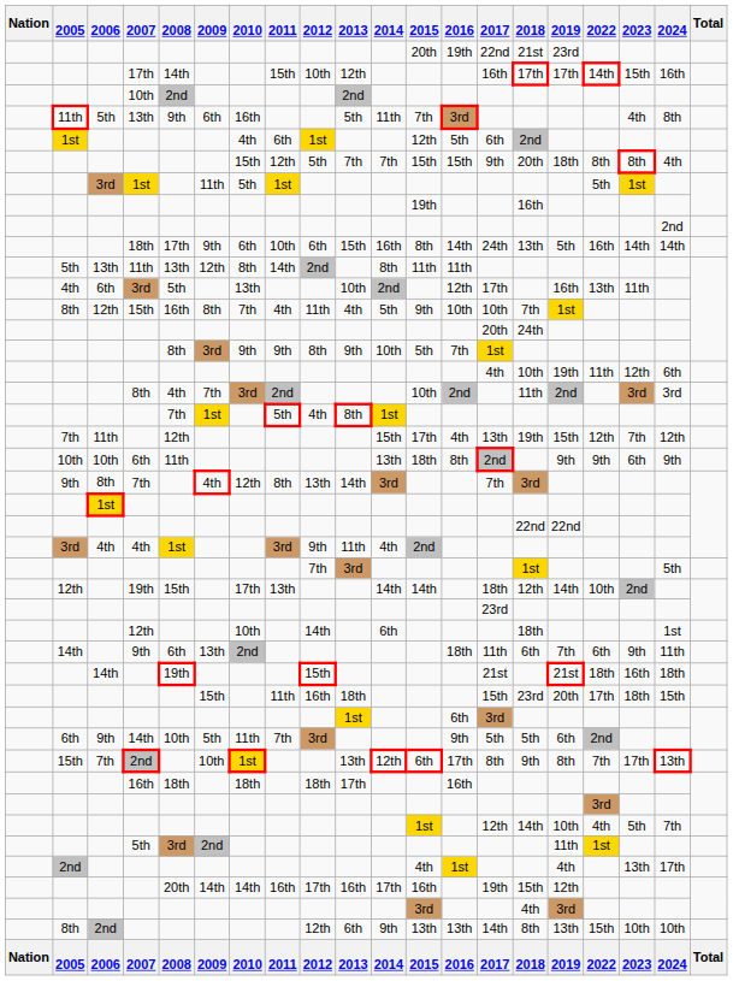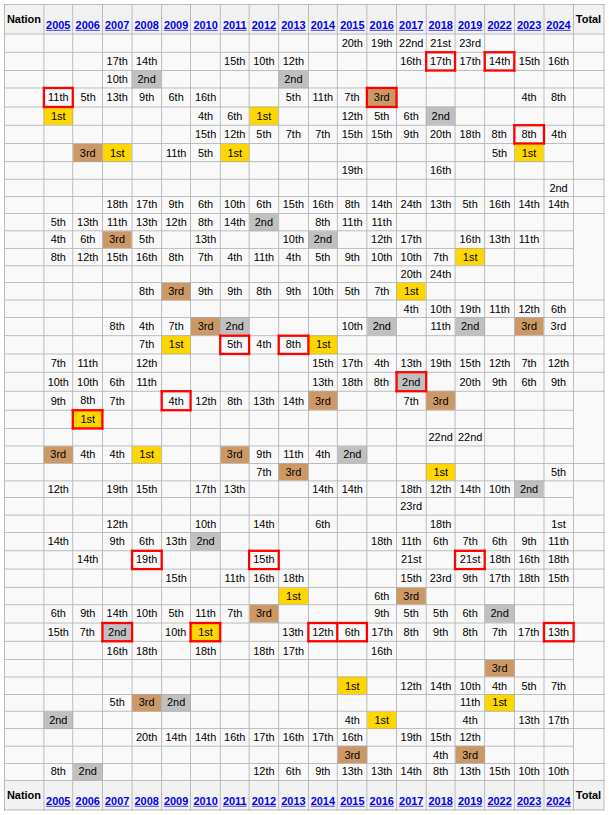 <table class="wikitable" style="text-align:center; font-size:90%">
 <tr>
 <th>Nation</th>
 <th><br><a href='#'>2005</a></th>
 <th><br><a href='#'>2006</a></th>
 <th><br><a href='#'>2007</a></th>
 <th><br><a href='#'>2008</a></th>
 <th><br><a href='#'>2009</a></th>
 <th><br><a href='#'>2010</a></th>
 <th><br><a href='#'>2011</a></th>
 <th><br><a href='#'>2012</a></th>
 <th><br><a href='#'>2013</a></th>
 <th><br><a href='#'>2014</a></th>
 <th><br><a href='#'>2015</a></th>
 <th><br><a href='#'>2016</a></th>
 <th><br><a href='#'>2017</a></th>
 <th><br><a href='#'>2018</a></th>
 <th><br><a href='#'>2019</a></th>
 <th><br><a href='#'>2022</a></th>
 <th><br><a href='#'>2023</a></th>
 <th><br><a href='#'>2024</a></th>
 <th>Total</th>
 </tr>
 <tr>
 <td align=left></td>
 <td></td>
 <td></td>
 <td></td>
 <td></td>
 <td></td>
 <td></td>
 <td></td>
 <td></td>
 <td></td>
 <td></td>
 <td>20th</td>
 <td>19th</td>
 <td>22nd</td>
 <td>21st</td>
 <td>23rd</td>
 <td></td>
 <td></td>
 <td><strong></strong></td>
 </tr>
 <tr>
 <td align=left></td>
 <td></td>
 <td></td>
 <td>17th</td>
 <td>14th</td>
 <td></td>
 <td></td>
 <td>15th</td>
 <td>10th</td>
 <td>12th</td>
 <td></td>
 <td></td>
 <td></td>
 <td>16th</td>
 <td style="border: 3px solid red">17th</td>
 <td>17th</td>
 <td style="border: 3px solid red">14th</td>
 <td>15th</td>
 <td>16th</td>
 <td><strong></strong></td>
 </tr>
 <tr>
 <td align=left></td>
 <td></td>
 <td></td>
 <td>10th</td>
 <td bgcolor="silver">2nd</td>
 <td></td>
 <td></td>
 <td></td>
 <td></td>
 <td bgcolor="silver">2nd</td>
 <td></td>
 <td></td>
 <td></td>
 <td></td>
 <td></td>
 <td></td>
 <td></td>
 <td></td>
 <td><strong></strong></td>
 </tr>
 <tr>
 <td align=left></td>
 <td style="border: 3px solid red">11th</td>
 <td>5th</td>
 <td>13th</td>
 <td>9th</td>
 <td>6th</td>
 <td>16th</td>
 <td></td>
 <td></td>
 <td>5th</td>
 <td>11th</td>
 <td>7th</td>
 <td style="border: 3px solid red" bgcolor="#cc9966">3rd</td>
 <td></td>
 <td></td>
 <td></td>
 <td></td>
 <td>4th</td>
 <td>8th</td>
 <td><strong></strong></td>
 </tr>
 <tr>
 <td align=left></td>
 <td bgcolor="gold">1st</td>
 <td></td>
 <td></td>
 <td></td>
 <td></td>
 <td>4th</td>
 <td>6th</td>
 <td bgcolor="gold">1st</td>
 <td></td>
 <td></td>
 <td>12th</td>
 <td>5th</td>
 <td>6th</td>
 <td bgcolor="silver">2nd</td>
 <td></td>
 <td></td>
 <td></td>
 <td><strong></strong></td>
 </tr>
 <tr>
 <td align=left></td>
 <td></td>
 <td></td>
 <td></td>
 <td></td>
 <td></td>
 <td>15th</td>
 <td>12th</td>
 <td>5th</td>
 <td>7th</td>
 <td>7th</td>
 <td>15th</td>
 <td>15th</td>
 <td>9th</td>
 <td>20th</td>
 <td>18th</td>
 <td>8th</td>
 <td style="border: 3px solid red">8th</td>
 <td>4th</td>
 <td><strong></strong></td>
 </tr>
 <tr>
 <td align=left></td>
 <td></td>
 <td bgcolor="#cc9966">3rd</td>
 <td bgcolor="gold">1st</td>
 <td></td>
 <td>11th</td>
 <td>5th</td>
 <td bgcolor="gold">1st</td>
 <td></td>
 <td></td>
 <td></td>
 <td></td>
 <td></td>
 <td></td>
 <td></td>
 <td></td>
 <td>5th</td>
 <td bgcolor="gold">1st</td>
 <td><strong></strong></td>
 </tr>
 <tr>
 <td align=left></td>
 <td></td>
 <td></td>
 <td></td>
 <td></td>
 <td></td>
 <td></td>
 <td></td>
 <td></td>
 <td></td>
 <td></td>
 <td>19th</td>
 <td></td>
 <td></td>
 <td>16th</td>
 <td></td>
 <td></td>
 <td></td>
 <td><strong></strong></td>
 </tr>
 <tr>
 <td align=left></td>
 <td></td>
 <td></td>
 <td></td>
 <td></td>
 <td></td>
 <td></td>
 <td></td>
 <td></td>
 <td></td>
 <td></td>
 <td></td>
 <td></td>
 <td></td>
 <td></td>
 <td></td>
 <td></td>
 <td></td>
 <td>2nd</td>
 <td><strong></strong></td>
 </tr>
 <tr>
 <td align=left></td>
 <td></td>
 <td></td>
 <td>18th</td>
 <td>17th</td>
 <td>9th</td>
 <td>6th</td>
 <td>10th</td>
 <td>6th</td>
 <td>15th</td>
 <td>16th</td>
 <td>8th</td>
 <td>14th</td>
 <td>24th</td>
 <td>13th</td>
 <td>5th</td>
 <td>16th</td>
 <td>14th</td>
 <td>14th</td>
 <td><strong></strong></td>
 </tr>
 <tr>
 <td align=left></td>
 <td>5th</td>
 <td>13th</td>
 <td>11th</td>
 <td>13th</td>
 <td>12th</td>
 <td>8th</td>
 <td>14th</td>
 <td bgcolor="silver">2nd</td>
 <td></td>
 <td>8th</td>
 <td>11th</td>
 <td>11th</td>
 <td></td>
 <td></td>
 <td></td>
 <td></td>
 <td></td>
 <td><strong></strong></td>
 </tr>
 <tr>
 <td align=left></td>
 <td>4th</td>
 <td>6th</td>
 <td bgcolor="#cc9966">3rd</td>
 <td>5th</td>
 <td></td>
 <td>13th</td>
 <td></td>
 <td></td>
 <td>10th</td>
 <td bgcolor="silver">2nd</td>
 <td></td>
 <td>12th</td>
 <td>17th</td>
 <td></td>
 <td>16th</td>
 <td>13th</td>
 <td>11th</td>
 <td><strong></strong></td>
 </tr>
 <tr>
 <td align=left></td>
 <td>8th</td>
 <td>12th</td>
 <td>15th</td>
 <td>16th</td>
 <td>8th</td>
 <td>7th</td>
 <td>4th</td>
 <td>11th</td>
 <td>4th</td>
 <td>5th</td>
 <td>9th</td>
 <td>10th</td>
 <td>10th</td>
 <td>7th</td>
 <td bgcolor="gold">1st</td>
 <td></td>
 <td></td>
 <td><strong></strong></td>
 </tr>
 <tr>
 <td align=left></td>
 <td></td>
 <td></td>
 <td></td>
 <td></td>
 <td></td>
 <td></td>
 <td></td>
 <td></td>
 <td></td>
 <td></td>
 <td></td>
 <td></td>
 <td>20th</td>
 <td>24th</td>
 <td></td>
 <td></td>
 <td></td>
 <td><strong></strong></td>
 </tr>
 <tr>
 <td align=left></td>
 <td></td>
 <td></td>
 <td></td>
 <td>8th</td>
 <td bgcolor="#cc9966">3rd</td>
 <td>9th</td>
 <td>9th</td>
 <td>8th</td>
 <td>9th</td>
 <td>10th</td>
 <td>5th</td>
 <td>7th</td>
 <td bgcolor="gold">1st</td>
 <td></td>
 <td></td>
 <td></td>
 <td></td>
 <td><strong></strong></td>
 </tr>
 <tr>
 <td align=left></td>
 <td></td>
 <td></td>
 <td></td>
 <td></td>
 <td></td>
 <td></td>
 <td></td>
 <td></td>
 <td></td>
 <td></td>
 <td></td>
 <td></td>
 <td>4th</td>
 <td>10th</td>
 <td>19th</td>
 <td>11th</td>
 <td>12th</td>
 <td>6th</td>
 <td><strong></strong></td>
 </tr>
 <tr>
 <td align=left></td>
 <td></td>
 <td></td>
 <td>8th</td>
 <td>4th</td>
 <td>7th</td>
 <td bgcolor="#cc9966">3rd</td>
 <td bgcolor="silver">2nd</td>
 <td></td>
 <td></td>
 <td></td>
 <td>10th</td>
 <td bgcolor="silver">2nd</td>
 <td></td>
 <td>11th</td>
 <td bgcolor="silver">2nd</td>
 <td></td>
 <td bgcolor="#cc9966">3rd</td>
 <td>3rd</td>
 <td><strong></strong></td>
 </tr>
 <tr>
 <td align=left></td>
 <td></td>
 <td></td>
 <td></td>
 <td>7th</td>
 <td bgcolor="gold">1st</td>
 <td></td>
 <td style="border: 3px solid red">5th</td>
 <td>4th</td>
 <td style="border: 3px solid red">8th</td>
 <td bgcolor="gold">1st</td>
 <td></td>
 <td></td>
 <td></td>
 <td></td>
 <td></td>
 <td></td>
 <td></td>
 <td><strong></strong></td>
 </tr>
 <tr>
 <td align=left></td>
 <td>7th</td>
 <td>11th</td>
 <td></td>
 <td>12th</td>
 <td></td>
 <td></td>
 <td></td>
 <td></td>
 <td></td>
 <td>15th</td>
 <td>17th</td>
 <td>4th</td>
 <td>13th</td>
 <td>19th</td>
 <td>15th</td>
 <td>12th</td>
 <td>7th</td>
 <td>12th</td>
 <td><strong></strong></td>
 </tr>
 <tr>
 <td align=left></td>
 <td>10th</td>
 <td>10th</td>
 <td>6th</td>
 <td>11th</td>
 <td></td>
 <td></td>
 <td></td>
 <td></td>
 <td></td>
 <td>13th</td>
 <td>18th</td>
 <td>8th</td>
 <td style="border: 3px solid red" bgcolor="silver">2nd</td>
 <td></td>
-<td>9th</td>
+<td>20th</td>
 <td>9th</td>
 <td>6th</td>
 <td>9th</td>
 <td><strong></strong></td>
 </tr>
 <tr>
 <td align=left></td>
 <td>9th</td>
 <td>8th</td>
 <td>7th</td>
 <td></td>
 <td style="border: 3px solid red">4th</td>
 <td>12th</td>
 <td>8th</td>
 <td>13th</td>
 <td>14th</td>
 <td bgcolor="#cc9966">3rd</td>
 <td></td>
 <td></td>
 <td>7th</td>
 <td bgcolor="#cc9966">3rd</td>
 <td></td>
 <td></td>
 <td></td>
 <td><strong></strong></td>
 </tr>
 <tr>
 <td align=left></td>
 <td></td>
 <td style="border: 3px solid red" bgcolor="gold">1st</td>
 <td></td>
 <td></td>
 <td></td>
 <td></td>
 <td></td>
 <td></td>
 <td></td>
 <td></td>
 <td></td>
 <td></td>
 <td></td>
 <td></td>
 <td></td>
 <td></td>
 <td></td>
 <td><strong></strong></td>
 </tr>
 <tr>
 <td align=left></td>
 <td></td>
 <td></td>
 <td></td>
 <td></td>
 <td></td>
 <td></td>
 <td></td>
 <td></td>
 <td></td>
 <td></td>
 <td></td>
 <td></td>
 <td></td>
 <td>22nd</td>
 <td>22nd</td>
 <td></td>
 <td></td>
 <td><strong></strong></td>
 </tr>
 <tr>
 <td align=left></td>
 <td bgcolor="#cc9966">3rd</td>
 <td>4th</td>
 <td>4th</td>
 <td bgcolor="gold">1st</td>
 <td></td>
 <td></td>
 <td bgcolor="#cc9966">3rd</td>
 <td>9th</td>
 <td>11th</td>
 <td>4th</td>
 <td bgcolor="silver">2nd</td>
 <td></td>
 <td></td>
 <td></td>
 <td></td>
 <td></td>
 <td></td>
 <td><strong></strong></td>
 </tr>
 <tr>
 <td align=left></td>
 <td></td>
 <td></td>
 <td></td>
 <td></td>
 <td></td>
 <td></td>
 <td></td>
 <td>7th</td>
 <td bgcolor="#cc9966">3rd</td>
 <td></td>
 <td></td>
 <td></td>
 <td></td>
 <td bgcolor="gold">1st</td>
 <td></td>
 <td></td>
 <td></td>
 <td>5th</td>
 <td><strong></strong></td>
 </tr>
 <tr>
 <td align=left></td>
 <td>12th</td>
 <td></td>
 <td>19th</td>
 <td>15th</td>
 <td></td>
 <td>17th</td>
 <td>13th</td>
 <td></td>
 <td></td>
 <td>14th</td>
 <td>14th</td>
 <td></td>
 <td>18th</td>
 <td>12th</td>
 <td>14th</td>
 <td>10th</td>
 <td bgcolor="silver">2nd</td>
 <td><strong></strong></td>
 </tr>
 <tr>
 <td align=left></td>
 <td></td>
 <td></td>
 <td></td>
 <td></td>
 <td></td>
 <td></td>
 <td></td>
 <td></td>
 <td></td>
 <td></td>
 <td></td>
 <td></td>
 <td>23rd</td>
 <td></td>
 <td></td>
 <td></td>
 <td></td>
 <td><strong></strong></td>
 </tr>
 <tr>
 <td align=left></td>
 <td></td>
 <td></td>
 <td>12th</td>
 <td></td>
 <td></td>
 <td>10th</td>
 <td></td>
 <td>14th</td>
 <td></td>
 <td>6th</td>
 <td></td>
 <td></td>
 <td></td>
 <td>18th</td>
 <td></td>
 <td></td>
 <td></td>
 <td>1st</td>
 <td><strong></strong></td>
 </tr>
 <tr>
 <td align=left></td>
 <td>14th</td>
 <td></td>
 <td>9th</td>
 <td>6th</td>
 <td>13th</td>
 <td bgcolor="silver">2nd</td>
 <td></td>
 <td></td>
 <td></td>
 <td></td>
 <td></td>
 <td>18th</td>
 <td>11th</td>
 <td>6th</td>
 <td>7th</td>
 <td>6th</td>
 <td>9th</td>
 <td>11th</td>
 <td><strong></strong></td>
 </tr>
 <tr>
 <td align=left></td>
 <td></td>
 <td>14th</td>
 <td></td>
 <td style="border: 3px solid red">19th</td>
 <td></td>
 <td></td>
 <td></td>
 <td style="border: 3px solid red">15th</td>
 <td></td>
 <td></td>
 <td></td>
 <td></td>
 <td>21st</td>
 <td></td>
 <td style="border: 3px solid red">21st</td>
 <td>18th</td>
 <td>16th</td>
 <td>18th</td>
 <td><strong></strong></td>
 </tr>
 <tr>
 <td align=left></td>
 <td></td>
 <td></td>
 <td></td>
 <td></td>
 <td>15th</td>
 <td></td>
 <td>11th</td>
 <td>16th</td>
 <td>18th</td>
 <td></td>
 <td></td>
 <td></td>
 <td>15th</td>
 <td>23rd</td>
-<td>20th</td>
+<td>9th</td>
 <td>17th</td>
 <td>18th</td>
 <td>15th</td>
 <td><strong></strong></td>
 </tr>
 <tr>
 <td align=left></td>
 <td></td>
 <td></td>
 <td></td>
 <td></td>
 <td></td>
 <td></td>
 <td></td>
 <td></td>
 <td bgcolor="gold">1st</td>
 <td></td>
 <td></td>
 <td>6th</td>
 <td bgcolor="#cc9966">3rd</td>
 <td></td>
 <td></td>
 <td></td>
 <td></td>
 <td><strong></strong></td>
 </tr>
 <tr>
 <td align=left></td>
 <td>6th</td>
 <td>9th</td>
 <td>14th</td>
 <td>10th</td>
 <td>5th</td>
 <td>11th</td>
 <td>7th</td>
 <td bgcolor="#cc9966">3rd</td>
 <td></td>
 <td></td>
 <td></td>
 <td>9th</td>
 <td>5th</td>
 <td>5th</td>
 <td>6th</td>
 <td bgcolor="silver">2nd</td>
 <td></td>
 <td><strong></strong></td>
 </tr>
 <tr>
 <td align=left></td>
 <td>15th</td>
 <td>7th</td>
 <td style="border: 3px solid red" bgcolor="silver">2nd</td>
 <td></td>
 <td>10th</td>
 <td style="border: 3px solid red" bgcolor="gold">1st</td>
 <td></td>
 <td></td>
 <td>13th</td>
 <td style="border: 3px solid red">12th</td>
 <td style="border: 3px solid red">6th</td>
 <td>17th</td>
 <td>8th</td>
 <td>9th</td>
 <td>8th</td>
 <td>7th</td>
 <td>17th</td>
 <td style="border: 3px solid red">13th</td>
 <td><strong></strong></td>
 </tr>
 <tr>
 <td align=left></td>
 <td></td>
 <td></td>
 <td>16th</td>
 <td>18th</td>
 <td></td>
 <td>18th</td>
 <td></td>
 <td>18th</td>
 <td>17th</td>
 <td></td>
 <td></td>
 <td>16th</td>
 <td></td>
 <td></td>
 <td></td>
 <td></td>
 <td></td>
 <td><strong></strong></td>
 </tr>
 <tr>
 <td align=left></td>
 <td></td>
 <td></td>
 <td></td>
 <td></td>
 <td></td>
 <td></td>
 <td></td>
 <td></td>
 <td></td>
 <td></td>
 <td></td>
 <td></td>
 <td></td>
 <td></td>
 <td></td>
 <td bgcolor="#cc9966">3rd</td>
 <td></td>
 <td><strong></strong></td>
 </tr>
 <tr>
 <td align=left></td>
 <td></td>
 <td></td>
 <td></td>
 <td></td>
 <td></td>
 <td></td>
 <td></td>
 <td></td>
 <td></td>
 <td></td>
 <td bgcolor="gold">1st</td>
 <td></td>
 <td>12th</td>
 <td>14th</td>
 <td>10th</td>
 <td>4th</td>
 <td>5th</td>
 <td>7th</td>
 <td><strong></strong></td>
 </tr>
 <tr>
 <td align=left></td>
 <td></td>
 <td></td>
 <td>5th</td>
 <td bgcolor="#cc9966">3rd</td>
 <td bgcolor="silver">2nd</td>
 <td></td>
 <td></td>
 <td></td>
 <td></td>
 <td></td>
 <td></td>
 <td></td>
 <td></td>
 <td></td>
 <td>11th</td>
 <td bgcolor="gold">1st</td>
 <td></td>
 <td><strong></strong></td>
 </tr>
 <tr>
 <td align=left></td>
 <td bgcolor="silver">2nd</td>
 <td></td>
 <td></td>
 <td></td>
 <td></td>
 <td></td>
 <td></td>
 <td></td>
 <td></td>
 <td></td>
 <td>4th</td>
 <td bgcolor="gold">1st</td>
 <td></td>
 <td></td>
 <td>4th</td>
 <td></td>
 <td>13th</td>
 <td>17th</td>
 <td><strong></strong></td>
 </tr>
 <tr>
 <td align=left></td>
 <td></td>
 <td></td>
 <td></td>
 <td>20th</td>
 <td>14th</td>
 <td>14th</td>
 <td>16th</td>
 <td>17th</td>
 <td>16th</td>
 <td>17th</td>
 <td>16th</td>
 <td></td>
 <td>19th</td>
 <td>15th</td>
 <td>12th</td>
 <td></td>
 <td></td>
 <td><strong></strong></td>
 </tr>
 <tr>
 <td align=left></td>
 <td></td>
 <td></td>
 <td></td>
 <td></td>
 <td></td>
 <td></td>
 <td></td>
 <td></td>
 <td></td>
 <td></td>
 <td bgcolor="#cc9966">3rd</td>
 <td></td>
 <td></td>
 <td>4th</td>
 <td bgcolor="#cc9966">3rd</td>
 <td></td>
 <td></td>
 <td><strong></strong></td>
 </tr>
 <tr>
 <td align=left></td>
 <td>8th</td>
 <td bgcolor="silver">2nd</td>
 <td></td>
 <td></td>
 <td></td>
 <td></td>
 <td></td>
 <td>12th</td>
 <td>6th</td>
 <td>9th</td>
 <td>13th</td>
 <td>13th</td>
 <td>14th</td>
 <td>8th</td>
 <td>13th</td>
 <td>15th</td>
 <td>10th</td>
 <td>10th</td>
 <td><strong></strong></td>
 </tr>
 <tr>
 <th>Nation</th>
 <th><br><a href='#'>2005</a></th>
 <th><br><a href='#'>2006</a></th>
 <th><br><a href='#'>2007</a></th>
 <th><br><a href='#'>2008</a></th>
 <th><br><a href='#'>2009</a></th>
 <th><br><a href='#'>2010</a></th>
 <th><br><a href='#'>2011</a></th>
 <th><br><a href='#'>2012</a></th>
 <th><br><a href='#'>2013</a></th>
 <th><br><a href='#'>2014</a></th>
 <th><br><a href='#'>2015</a></th>
 <th><br><a href='#'>2016</a></th>
 <th><br><a href='#'>2017</a></th>
 <th><br><a href='#'>2018</a></th>
 <th><br><a href='#'>2019</a></th>
 <th><br><a href='#'>2022</a></th>
 <th><br><a href='#'>2023</a></th>
 <th><br><a href='#'>2024</a></th>
 <th>Total</th>
 </tr>
 </table>
